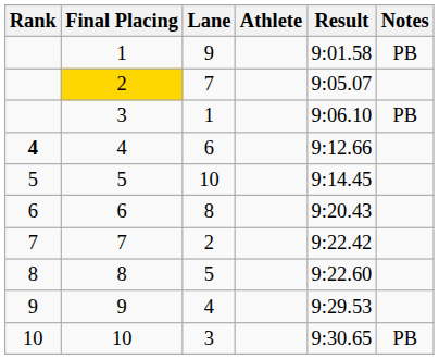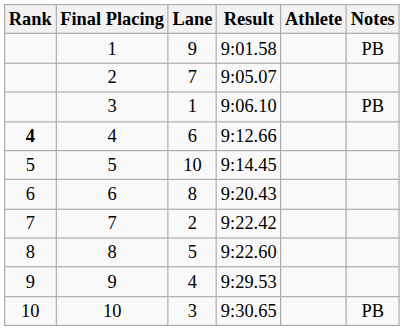 <table class="wikitable sortable" style="text-align:center">
 <tr>
 <th>Rank</th>
 <th>Final Placing</th>
 <th>Lane</th>
+<th>Result</th>
 <th>Athlete</th>
-<th>Result</th>
 <th>Notes</th>
 </tr>
 <tr>
 <td></td>
 <td>1</td>
 <td>9</td>
+<td>9:01.58</td>
 <td align=left></td>
-<td>9:01.58</td>
 <td>PB</td>
 </tr>
 <tr>
 <td></td>
-<td style="background: gold;">2</td>
+<td>2</td>
 <td>7</td>
+<td>9:05.07</td>
 <td align=left></td>
-<td>9:05.07</td>
 <td></td>
 </tr>
 <tr>
 <td></td>
 <td>3</td>
 <td>1</td>
+<td>9:06.10</td>
 <td align=left></td>
-<td>9:06.10</td>
 <td>PB</td>
 </tr>
 <tr>
 <td><strong>4</strong></td>
 <td>4</td>
 <td>6</td>
+<td>9:12.66</td>
 <td align=left></td>
-<td>9:12.66</td>
 <td></td>
 </tr>
 <tr>
 <td>5</td>
 <td>5</td>
 <td>10</td>
+<td>9:14.45</td>
 <td align=left></td>
-<td>9:14.45</td>
 <td></td>
 </tr>
 <tr>
 <td>6</td>
 <td>6</td>
 <td>8</td>
+<td>9:20.43</td>
 <td align=left></td>
-<td>9:20.43</td>
 <td></td>
 </tr>
 <tr>
 <td>7</td>
 <td>7</td>
 <td>2</td>
+<td>9:22.42</td>
 <td align=left></td>
-<td>9:22.42</td>
 <td></td>
 </tr>
 <tr>
 <td>8</td>
 <td>8</td>
 <td>5</td>
+<td>9:22.60</td>
 <td align=left></td>
-<td>9:22.60</td>
 <td></td>
 </tr>
 <tr>
 <td>9</td>
 <td>9</td>
 <td>4</td>
+<td>9:29.53</td>
 <td align=left></td>
-<td>9:29.53</td>
 <td></td>
 </tr>
 <tr>
 <td>10</td>
 <td>10</td>
 <td>3</td>
+<td>9:30.65</td>
 <td align=left></td>
-<td>9:30.65</td>
 <td>PB</td>
 </tr>
 </table>
